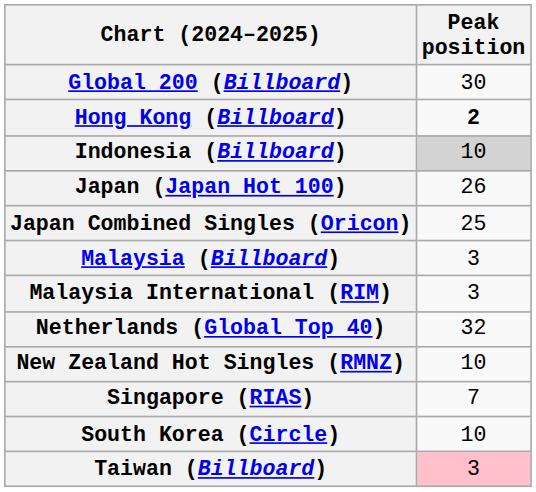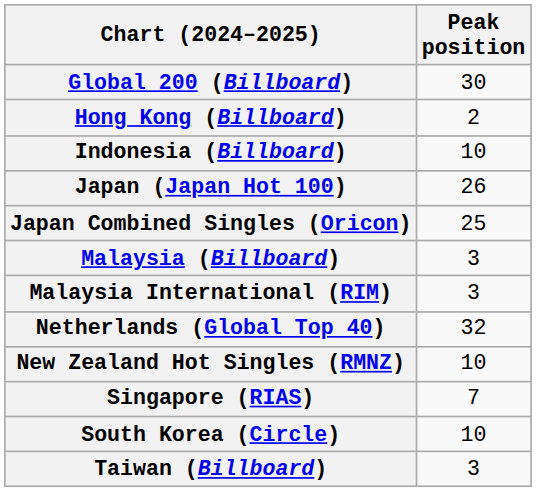 <table class="wikitable plainrowheaders sortable" style="text-align:center">
 <tr>
 <th scope="col">Chart (2024–2025)</th>
 <th scope="col">Peak<br>position</th>
 </tr>
 <tr>
 <th scope="row"><a href='#'>Global 200</a> (<em><a href='#'>Billboard</a></em>)</th>
 <td>30</td>
 </tr>
 <tr>
 <th scope="row"><a href='#'>Hong Kong</a> (<em><a href='#'>Billboard</a></em>)</th>
-<td><strong>2</strong></td>
+<td>2</td>
 </tr>
 <tr>
 <th scope="row">Indonesia (<em><a href='#'>Billboard</a></em>)</th>
-<td style="background: lightgrey;">10</td>
+<td>10</td>
 </tr>
 <tr>
 <th scope="row">Japan (<a href='#'>Japan Hot 100</a>)</th>
 <td>26</td>
 </tr>
 <tr>
 <th scope="row">Japan Combined Singles (<a href='#'>Oricon</a>)</th>
 <td>25</td>
 </tr>
 <tr>
 <th scope="row"><a href='#'>Malaysia</a> (<em><a href='#'>Billboard</a></em>)</th>
 <td>3</td>
 </tr>
 <tr>
 <th scope="row">Malaysia International (<a href='#'>RIM</a>)</th>
 <td>3</td>
 </tr>
 <tr>
 <th scope="row">Netherlands (<a href='#'>Global Top 40</a>)</th>
 <td>32</td>
 </tr>
 <tr>
 <th scope="row">New Zealand Hot Singles (<a href='#'>RMNZ</a>)</th>
 <td>10</td>
 </tr>
 <tr>
 <th scope="row">Singapore (<a href='#'>RIAS</a>)</th>
 <td>7</td>
 </tr>
 <tr>
 <th scope="row">South Korea (<a href='#'>Circle</a>)</th>
 <td>10</td>
 </tr>
 <tr>
 <th scope="row">Taiwan (<em><a href='#'>Billboard</a></em>)</th>
-<td style="background: pink;">3</td>
+<td>3</td>
 </tr>
 </table>
